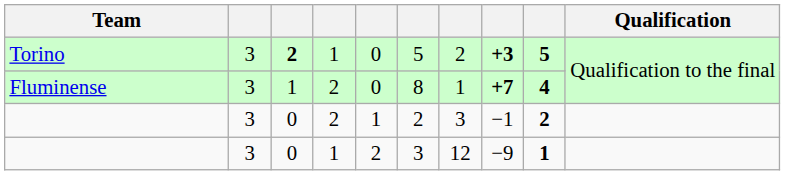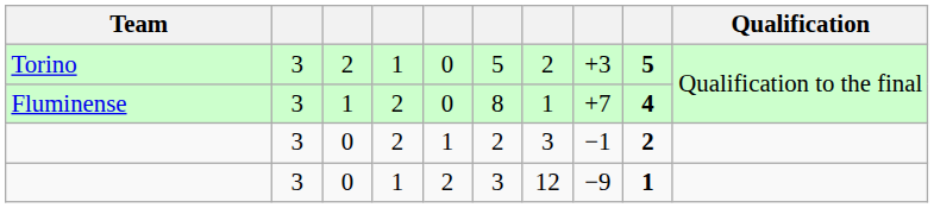 <table class="wikitable" style="text-align:center;">
 <tr>
 <th width=165>Team</th>
 <th width=25></th>
 <th width=25></th>
 <th width=25></th>
 <th width=25></th>
 <th width=25></th>
 <th width=25></th>
 <th width=25></th>
 <th width=25></th>
 <th>Qualification</th>
 </tr>
 <tr bgcolor="#ccffcc">
 <td style="text-align:left;"> <a href='#'>Torino</a></td>
 <td>3</td>
-<td><strong>2</strong></td>
+<td>2</td>
 <td>1</td>
 <td>0</td>
 <td>5</td>
 <td>2</td>
-<td><strong>+3</strong></td>
+<td>+3</td>
 <td><strong>5</strong></td>
 <td rowspan="2">Qualification to the final</td>
 </tr>
 <tr bgcolor="#ccffcc">
 <td style="text-align:left;"> <a href='#'>Fluminense</a></td>
 <td>3</td>
 <td>1</td>
 <td>2</td>
 <td>0</td>
 <td>8</td>
 <td>1</td>
-<td><strong>+7</strong></td>
+<td>+7</td>
 <td><strong>4</strong></td>
 </tr>
 <tr>
 <td style="text-align:left;"></td>
 <td>3</td>
 <td>0</td>
 <td>2</td>
 <td>1</td>
 <td>2</td>
 <td>3</td>
 <td>−1</td>
 <td><strong>2</strong></td>
 <td></td>
 </tr>
 <tr>
 <td style="text-align:left;"></td>
 <td>3</td>
 <td>0</td>
 <td>1</td>
 <td>2</td>
 <td>3</td>
 <td>12</td>
 <td>−9</td>
 <td><strong>1</strong></td>
 <td></td>
 </tr>
 </table>
